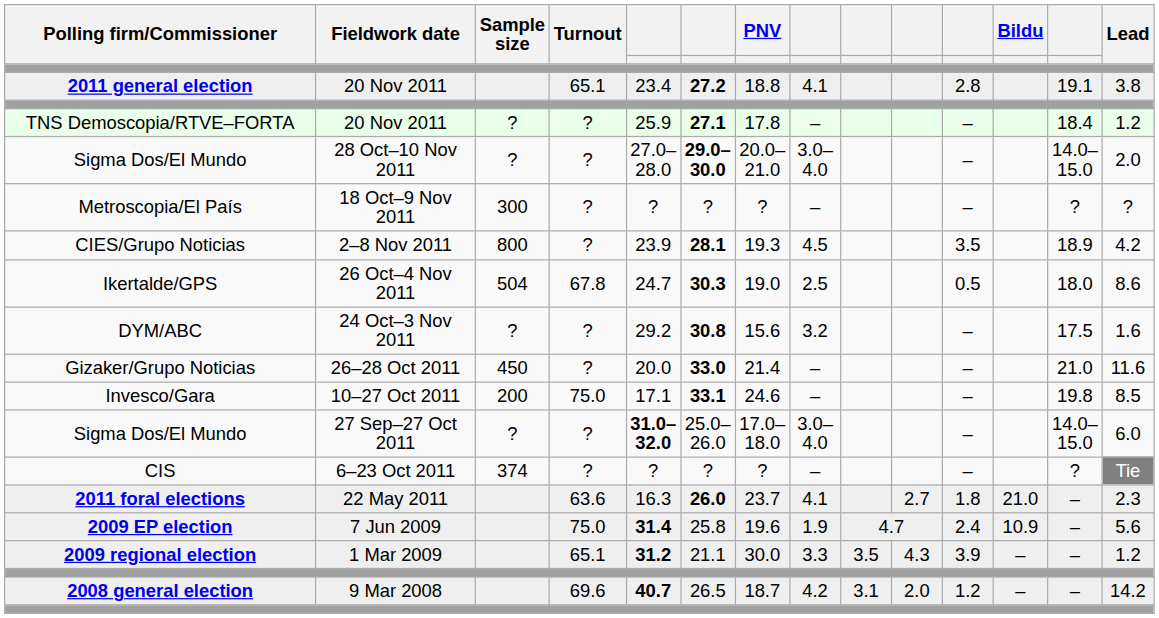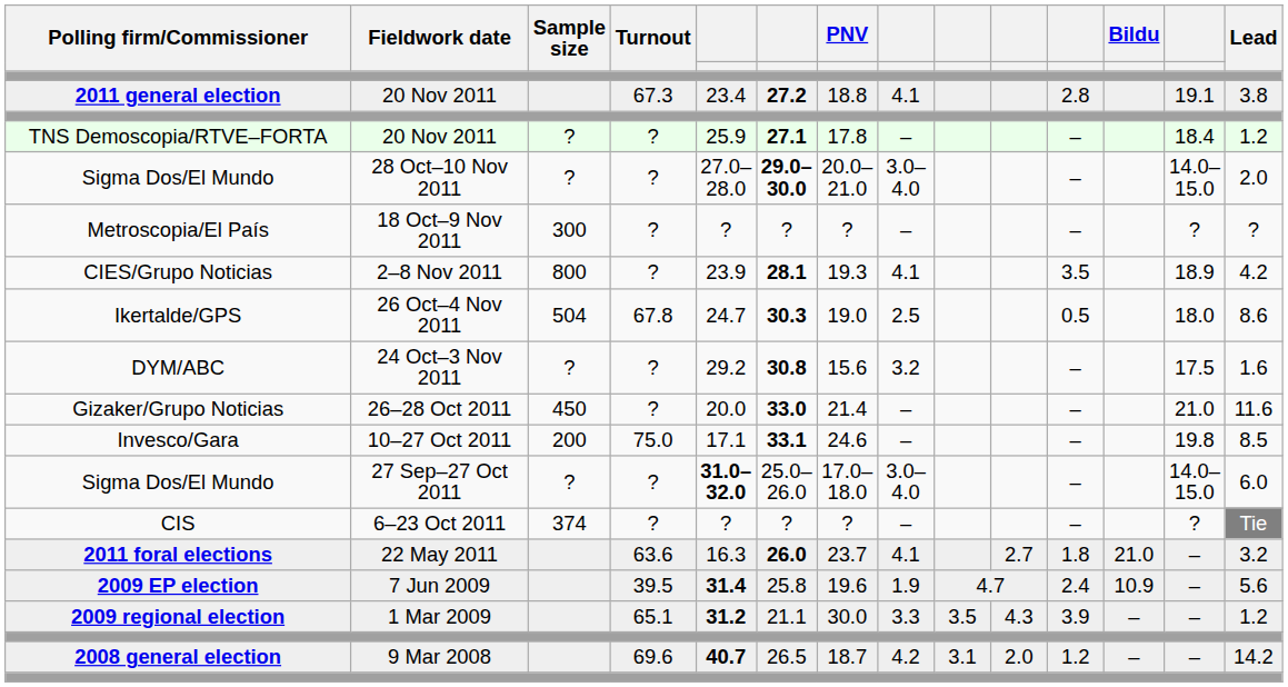 <table class="wikitable collapsible collapsed" style="text-align:center; font-size:95%; line-height:16px;">
 <tr style="height:42px;">
 <th style="width:250px;" rowspan="2">Polling firm/Commissioner</th>
 <th style="width:125px;" rowspan="2">Fieldwork date</th>
 <th style="width:50px;" rowspan="2">Sample size</th>
 <th style="width:45px;" rowspan="2">Turnout</th>
 <th style="width:35px;"></th>
 <th style="width:35px;"></th>
 <th style="width:35px;"><a href='#'>PNV</a></th>
 <th style="width:35px;"></th>
 <th style="width:35px;"></th>
 <th style="width:35px;"></th>
 <th style="width:35px;"></th>
 <th style="width:35px;"><a href='#'>Bildu</a></th>
 <th style="width:35px;"></th>
 <th style="width:30px;" rowspan="2">Lead</th>
 </tr>
 <tr>
 <th style="color:inherit;background:"></th>
 <th style="color:inherit;background:"></th>
 <th style="color:inherit;background:"></th>
 <th style="color:inherit;background:"></th>
 <th style="color:inherit;background:"></th>
 <th style="color:inherit;background:"></th>
 <th style="color:inherit;background:"></th>
 <th style="color:inherit;background:"></th>
 <th style="color:inherit;background:"></th>
 </tr>
 <tr>
 <td colspan="14" style="background:#A0A0A0"></td>
 </tr>
 <tr style="background:#EFEFEF;">
 <td><strong><a href='#'>2011 general election</a></strong></td>
 <td>20 Nov 2011</td>
 <td></td>
-<td>65.1</td>
+<td>67.3</td>
 <td>23.4<br></td>
 <td><strong>27.2</strong><br></td>
 <td>18.8<br></td>
 <td>4.1<br></td>
 <td></td>
 <td></td>
 <td>2.8<br></td>
 <td></td>
 <td>19.1<br></td>
 <td style="background:">3.8</td>
 </tr>
 <tr>
 <td colspan="14" style="background:#A0A0A0"></td>
 </tr>
 <tr style="background:#EAFFEA;">
 <td>TNS Demoscopia/RTVE–FORTA</td>
 <td>20 Nov 2011</td>
 <td>?</td>
 <td>?</td>
 <td>25.9<br></td>
 <td><strong>27.1</strong><br></td>
 <td>17.8<br></td>
 <td>–</td>
 <td></td>
 <td></td>
 <td>–</td>
 <td></td>
 <td>18.4<br></td>
 <td style="background:">1.2</td>
 </tr>
 <tr>
 <td>Sigma Dos/El Mundo</td>
 <td>28 Oct–10 Nov 2011</td>
 <td>?</td>
 <td>?</td>
 <td>27.0–<br>28.0<br></td>
 <td><strong>29.0–<br>30.0</strong><br></td>
 <td>20.0–<br>21.0<br></td>
 <td>3.0–<br>4.0<br></td>
 <td></td>
 <td></td>
 <td>–</td>
 <td></td>
 <td>14.0–<br>15.0<br></td>
 <td style="background:">2.0</td>
 </tr>
 <tr>
 <td>Metroscopia/El País</td>
 <td>18 Oct–9 Nov 2011</td>
 <td>300</td>
 <td>?</td>
 <td>?<br></td>
 <td>?<br></td>
 <td>?<br></td>
 <td>–</td>
 <td></td>
 <td></td>
 <td>–</td>
 <td></td>
 <td>?<br></td>
 <td style="background:">?</td>
 </tr>
 <tr>
 <td>CIES/Grupo Noticias</td>
 <td>2–8 Nov 2011</td>
 <td>800</td>
 <td>?</td>
 <td>23.9<br></td>
 <td><strong>28.1</strong><br></td>
 <td>19.3<br></td>
-<td>4.5<br></td>
+<td>4.1<br></td>
 <td></td>
 <td></td>
 <td>3.5<br></td>
 <td></td>
 <td>18.9<br></td>
 <td style="background:">4.2</td>
 </tr>
 <tr>
 <td>Ikertalde/GPS</td>
 <td>26 Oct–4 Nov 2011</td>
 <td>504</td>
 <td>67.8</td>
 <td>24.7<br></td>
 <td><strong>30.3</strong><br></td>
 <td>19.0<br></td>
 <td>2.5<br></td>
 <td></td>
 <td></td>
 <td>0.5<br></td>
 <td></td>
 <td>18.0<br></td>
 <td style="background:">8.6</td>
 </tr>
 <tr>
 <td>DYM/ABC</td>
 <td>24 Oct–3 Nov 2011</td>
 <td>?</td>
 <td>?</td>
 <td>29.2<br></td>
 <td><strong>30.8</strong><br></td>
 <td>15.6<br></td>
 <td>3.2<br></td>
 <td></td>
 <td></td>
 <td>–</td>
 <td></td>
 <td>17.5<br></td>
 <td style="background:">1.6</td>
 </tr>
 <tr>
 <td>Gizaker/Grupo Noticias</td>
 <td>26–28 Oct 2011</td>
 <td>450</td>
 <td>?</td>
 <td>20.0<br></td>
 <td><strong>33.0</strong><br></td>
 <td>21.4<br></td>
 <td>–</td>
 <td></td>
 <td></td>
 <td>–</td>
 <td></td>
 <td>21.0<br></td>
 <td style="background:">11.6</td>
 </tr>
 <tr>
 <td>Invesco/Gara</td>
 <td>10–27 Oct 2011</td>
 <td>200</td>
 <td>75.0</td>
 <td>17.1<br></td>
 <td><strong>33.1</strong><br></td>
 <td>24.6<br></td>
 <td>–</td>
 <td></td>
 <td></td>
 <td>–</td>
 <td></td>
 <td>19.8<br></td>
 <td style="background:">8.5</td>
 </tr>
 <tr>
 <td>Sigma Dos/El Mundo</td>
 <td>27 Sep–27 Oct 2011</td>
 <td>?</td>
 <td>?</td>
 <td><strong>31.0–<br>32.0</strong><br></td>
 <td>25.0–<br>26.0<br></td>
 <td>17.0–<br>18.0<br></td>
 <td>3.0–<br>4.0<br></td>
 <td></td>
 <td></td>
 <td>–</td>
 <td></td>
 <td>14.0–<br>15.0<br></td>
 <td style="background:">6.0</td>
 </tr>
 <tr>
 <td>CIS</td>
 <td>6–23 Oct 2011</td>
 <td>374</td>
 <td>?</td>
 <td>?<br></td>
 <td>?<br></td>
 <td>?<br></td>
 <td>–</td>
 <td></td>
 <td></td>
 <td>–</td>
 <td></td>
 <td>?<br></td>
 <td style="background:gray; color:white;">Tie</td>
 </tr>
 <tr style="background:#EFEFEF;">
 <td><strong><a href='#'>2011 foral elections</a></strong></td>
 <td>22 May 2011</td>
 <td></td>
 <td>63.6</td>
 <td>16.3<br></td>
 <td><strong>26.0</strong><br></td>
 <td>23.7<br></td>
 <td>4.1<br></td>
 <td></td>
 <td>2.7<br></td>
 <td>1.8<br></td>
 <td>21.0<br></td>
 <td>–</td>
-<td style="background:">2.3</td>
+<td style="background:">3.2</td>
 </tr>
 <tr style="background:#EFEFEF;">
 <td><strong><a href='#'>2009 EP election</a></strong></td>
 <td>7 Jun 2009</td>
 <td></td>
-<td>75.0</td>
+<td>39.5</td>
 <td><strong>31.4</strong><br></td>
 <td>25.8<br></td>
 <td>19.6<br></td>
 <td>1.9<br></td>
 <td colspan="2">4.7<br></td>
 <td>2.4<br></td>
 <td>10.9<br></td>
 <td>–</td>
 <td style="background:">5.6</td>
 </tr>
 <tr style="background:#EFEFEF;">
 <td><strong><a href='#'>2009 regional election</a></strong></td>
 <td>1 Mar 2009</td>
 <td></td>
 <td>65.1</td>
 <td><strong>31.2</strong><br></td>
 <td>21.1<br></td>
 <td>30.0<br></td>
 <td>3.3<br></td>
 <td>3.5<br></td>
 <td>4.3<br></td>
 <td>3.9<br></td>
 <td>–</td>
 <td>–</td>
 <td style="background:">1.2</td>
 </tr>
 <tr>
 <td colspan="14" style="background:#A0A0A0"></td>
 </tr>
 <tr style="background:#EFEFEF;">
 <td><strong><a href='#'>2008 general election</a></strong></td>
 <td>9 Mar 2008</td>
 <td></td>
 <td>69.6</td>
 <td><strong>40.7</strong><br></td>
 <td>26.5<br></td>
 <td>18.7<br></td>
 <td>4.2<br></td>
 <td>3.1<br></td>
 <td>2.0<br></td>
 <td>1.2<br></td>
 <td>–</td>
 <td>–</td>
 <td style="background:">14.2</td>
 </tr>
 <tr>
 <td colspan="14" style="background:#A0A0A0"></td>
 </tr>
 </table>
